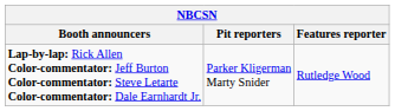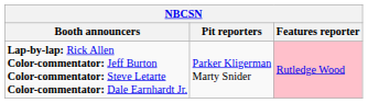 <table class="wikitable" style="font-size: 95%">
 <tr>
 <th colspan="3"><a href='#'>NBCSN</a></th>
 </tr>
 <tr>
 <th>Booth announcers</th>
 <th>Pit reporters</th>
 <th>Features reporter</th>
 </tr>
 <tr>
 <td><strong>Lap-by-lap:</strong> <a href='#'>Rick Allen</a><br><strong>Color-commentator:</strong> <a href='#'>Jeff Burton</a><br><strong>Color-commentator:</strong> <a href='#'>Steve Letarte</a><br><strong>Color-commentator:</strong> <a href='#'>Dale Earnhardt Jr.</a></td>
 <td><a href='#'>Parker Kligerman</a><br>Marty Snider</td>
-<td><a href='#'>Rutledge Wood</a></td>
+<td style="background: pink;"><a href='#'>Rutledge Wood</a></td>
 </tr>
 </table>
